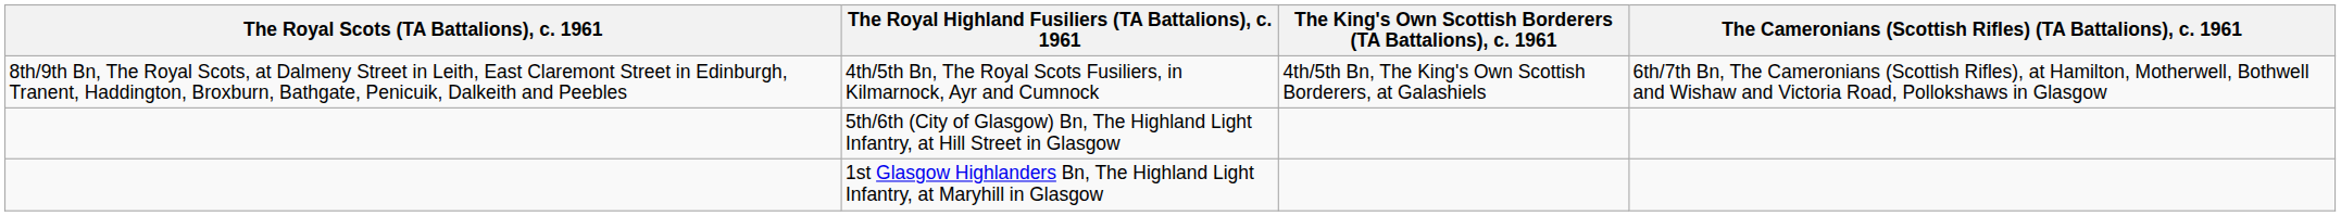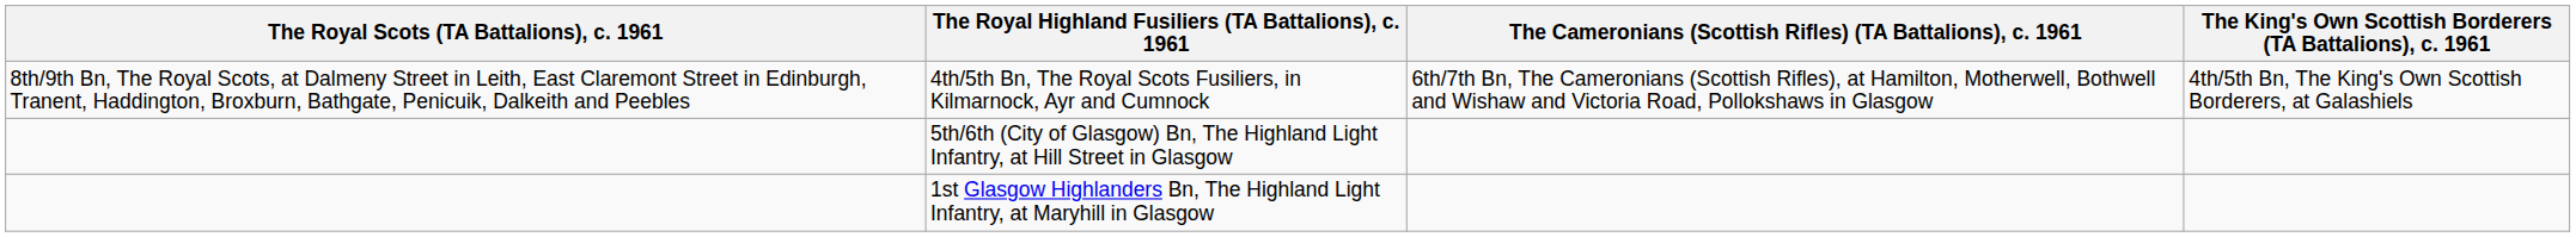 <table class="wikitable">
 <tr>
 <th>The Royal Scots (TA Battalions), c. 1961</th>
 <th>The Royal Highland Fusiliers (TA Battalions), c. 1961</th>
+<th>The Cameronians (Scottish Rifles) (TA Battalions), c. 1961</th>
 <th>The King's Own Scottish Borderers (TA Battalions), c. 1961</th>
-<th>The Cameronians (Scottish Rifles) (TA Battalions), c. 1961</th>
 </tr>
 <tr>
 <td>8th/9th Bn, The Royal Scots, at Dalmeny Street in Leith, East Claremont Street in Edinburgh, Tranent, Haddington, Broxburn, Bathgate, Penicuik, Dalkeith and Peebles</td>
 <td>4th/5th Bn, The Royal Scots Fusiliers, in Kilmarnock, Ayr and Cumnock</td>
+<td>6th/7th Bn, The Cameronians (Scottish Rifles), at Hamilton, Motherwell, Bothwell and Wishaw and Victoria Road, Pollokshaws in Glasgow</td>
 <td>4th/5th Bn, The King's Own Scottish Borderers, at Galashiels</td>
-<td>6th/7th Bn, The Cameronians (Scottish Rifles), at Hamilton, Motherwell, Bothwell and Wishaw and Victoria Road, Pollokshaws in Glasgow</td>
 </tr>
 <tr>
 <td></td>
 <td>5th/6th (City of Glasgow) Bn, The Highland Light Infantry, at Hill Street in Glasgow</td>
 <td></td>
 <td></td>
 </tr>
 <tr>
 <td></td>
 <td>1st <a href='#'>Glasgow Highlanders</a> Bn, The Highland Light Infantry, at Maryhill in Glasgow</td>
 <td></td>
 <td></td>
 </tr>
 </table>
